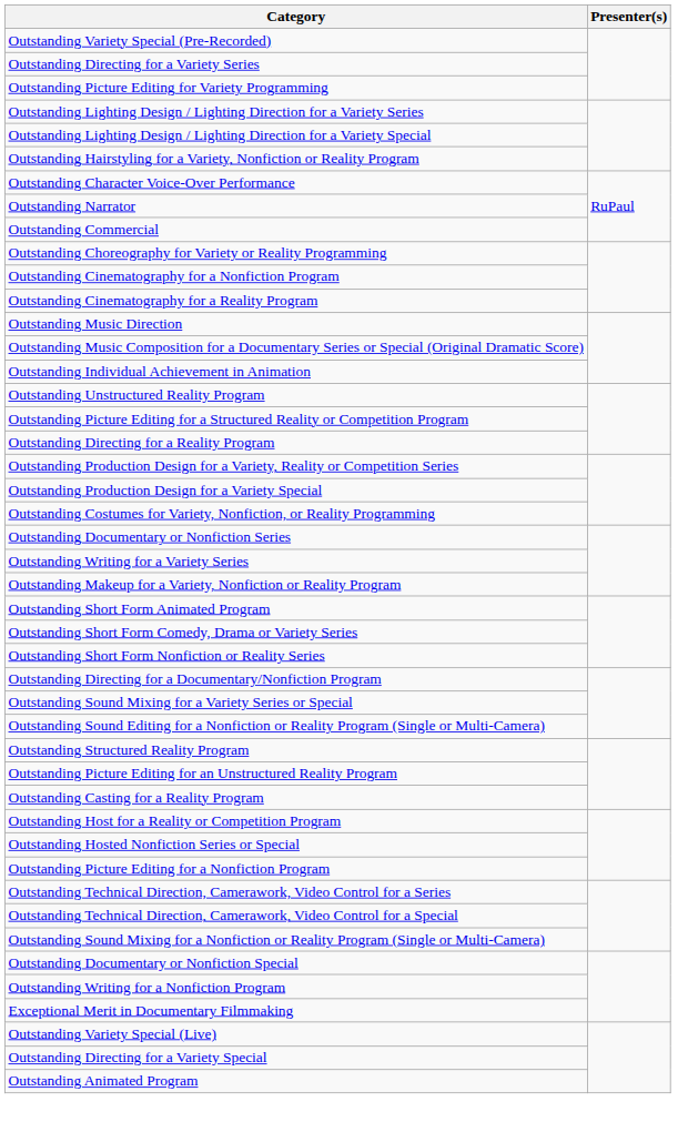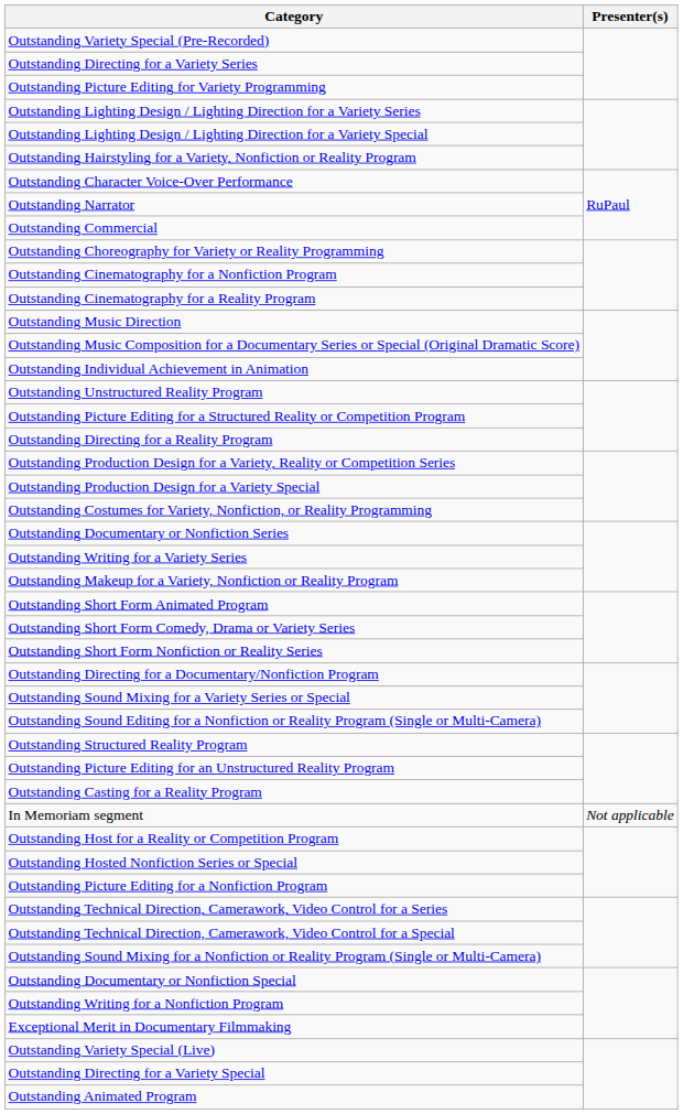 <table class="wikitable sortable" style="max-width:90%">
 <tr>
 <th scope="col">Category</th>
 <th scope="col">Presenter(s)</th>
 </tr>
 <tr>
 <td><a href='#'>Outstanding Variety Special (Pre-Recorded)</a></td>
 <td rowspan="3"></td>
 </tr>
 <tr>
 <td><a href='#'>Outstanding Directing for a Variety Series</a></td>
 </tr>
 <tr>
 <td><a href='#'>Outstanding Picture Editing for Variety Programming</a></td>
 </tr>
 <tr>
 <td><a href='#'>Outstanding Lighting Design / Lighting Direction for a Variety Series</a></td>
 <td rowspan="3"></td>
 </tr>
 <tr>
 <td><a href='#'>Outstanding Lighting Design / Lighting Direction for a Variety Special</a></td>
 </tr>
 <tr>
 <td><a href='#'>Outstanding Hairstyling for a Variety, Nonfiction or Reality Program</a></td>
 </tr>
 <tr>
 <td><a href='#'>Outstanding Character Voice-Over Performance</a></td>
 <td rowspan="3"><a href='#'>RuPaul</a></td>
 </tr>
 <tr>
 <td><a href='#'>Outstanding Narrator</a></td>
 </tr>
 <tr>
 <td><a href='#'>Outstanding Commercial</a></td>
 </tr>
 <tr>
 <td><a href='#'>Outstanding Choreography for Variety or Reality Programming</a></td>
 <td rowspan="3"></td>
 </tr>
 <tr>
 <td><a href='#'>Outstanding Cinematography for a Nonfiction Program</a></td>
 </tr>
 <tr>
 <td><a href='#'>Outstanding Cinematography for a Reality Program</a></td>
 </tr>
 <tr>
 <td><a href='#'>Outstanding Music Direction</a></td>
 <td rowspan="3"></td>
 </tr>
 <tr>
 <td><a href='#'>Outstanding Music Composition for a Documentary Series or Special (Original Dramatic Score)</a></td>
 </tr>
 <tr>
 <td><a href='#'>Outstanding Individual Achievement in Animation</a></td>
 </tr>
 <tr>
 <td><a href='#'>Outstanding Unstructured Reality Program</a></td>
 <td rowspan="3"></td>
 </tr>
 <tr>
 <td><a href='#'>Outstanding Picture Editing for a Structured Reality or Competition Program</a></td>
 </tr>
 <tr>
 <td><a href='#'>Outstanding Directing for a Reality Program</a></td>
 </tr>
 <tr>
 <td><a href='#'>Outstanding Production Design for a Variety, Reality or Competition Series</a></td>
 <td rowspan="3"></td>
 </tr>
 <tr>
 <td><a href='#'>Outstanding Production Design for a Variety Special</a></td>
 </tr>
 <tr>
 <td><a href='#'>Outstanding Costumes for Variety, Nonfiction, or Reality Programming</a></td>
 </tr>
 <tr>
 <td><a href='#'>Outstanding Documentary or Nonfiction Series</a></td>
 <td rowspan="3"></td>
 </tr>
 <tr>
 <td><a href='#'>Outstanding Writing for a Variety Series</a></td>
 </tr>
 <tr>
 <td><a href='#'>Outstanding Makeup for a Variety, Nonfiction or Reality Program</a></td>
 </tr>
 <tr>
 <td><a href='#'>Outstanding Short Form Animated Program</a></td>
 <td rowspan="3"></td>
 </tr>
 <tr>
 <td><a href='#'>Outstanding Short Form Comedy, Drama or Variety Series</a></td>
 </tr>
 <tr>
 <td><a href='#'>Outstanding Short Form Nonfiction or Reality Series</a></td>
 </tr>
 <tr>
 <td><a href='#'>Outstanding Directing for a Documentary/Nonfiction Program</a></td>
 <td rowspan="3"></td>
 </tr>
 <tr>
 <td><a href='#'>Outstanding Sound Mixing for a Variety Series or Special</a></td>
 </tr>
 <tr>
 <td><a href='#'>Outstanding Sound Editing for a Nonfiction or Reality Program (Single or Multi-Camera)</a></td>
 </tr>
 <tr>
 <td><a href='#'>Outstanding Structured Reality Program</a></td>
 <td rowspan="3"></td>
 </tr>
 <tr>
 <td><a href='#'>Outstanding Picture Editing for an Unstructured Reality Program</a></td>
 </tr>
 <tr>
 <td><a href='#'>Outstanding Casting for a Reality Program</a></td>
 </tr>
 <tr>
+<td>In Memoriam segment</td>
+<td><em>Not applicable</em></td>
+</tr>
+<tr>
 <td><a href='#'>Outstanding Host for a Reality or Competition Program</a></td>
 <td rowspan="3"></td>
 </tr>
 <tr>
 <td><a href='#'>Outstanding Hosted Nonfiction Series or Special</a></td>
 </tr>
 <tr>
 <td><a href='#'>Outstanding Picture Editing for a Nonfiction Program</a></td>
 </tr>
 <tr>
 <td><a href='#'>Outstanding Technical Direction, Camerawork, Video Control for a Series</a></td>
 <td rowspan="3"></td>
 </tr>
 <tr>
 <td><a href='#'>Outstanding Technical Direction, Camerawork, Video Control for a Special</a></td>
 </tr>
 <tr>
 <td><a href='#'>Outstanding Sound Mixing for a Nonfiction or Reality Program (Single or Multi-Camera)</a></td>
 </tr>
 <tr>
 <td><a href='#'>Outstanding Documentary or Nonfiction Special</a></td>
 <td rowspan="3"></td>
 </tr>
 <tr>
 <td><a href='#'>Outstanding Writing for a Nonfiction Program</a></td>
 </tr>
 <tr>
 <td><a href='#'>Exceptional Merit in Documentary Filmmaking</a></td>
 </tr>
 <tr>
 <td><a href='#'>Outstanding Variety Special (Live)</a></td>
 <td rowspan="3"></td>
 </tr>
 <tr>
 <td><a href='#'>Outstanding Directing for a Variety Special</a></td>
 </tr>
 <tr>
 <td><a href='#'>Outstanding Animated Program</a></td>
 </tr>
 </table>
